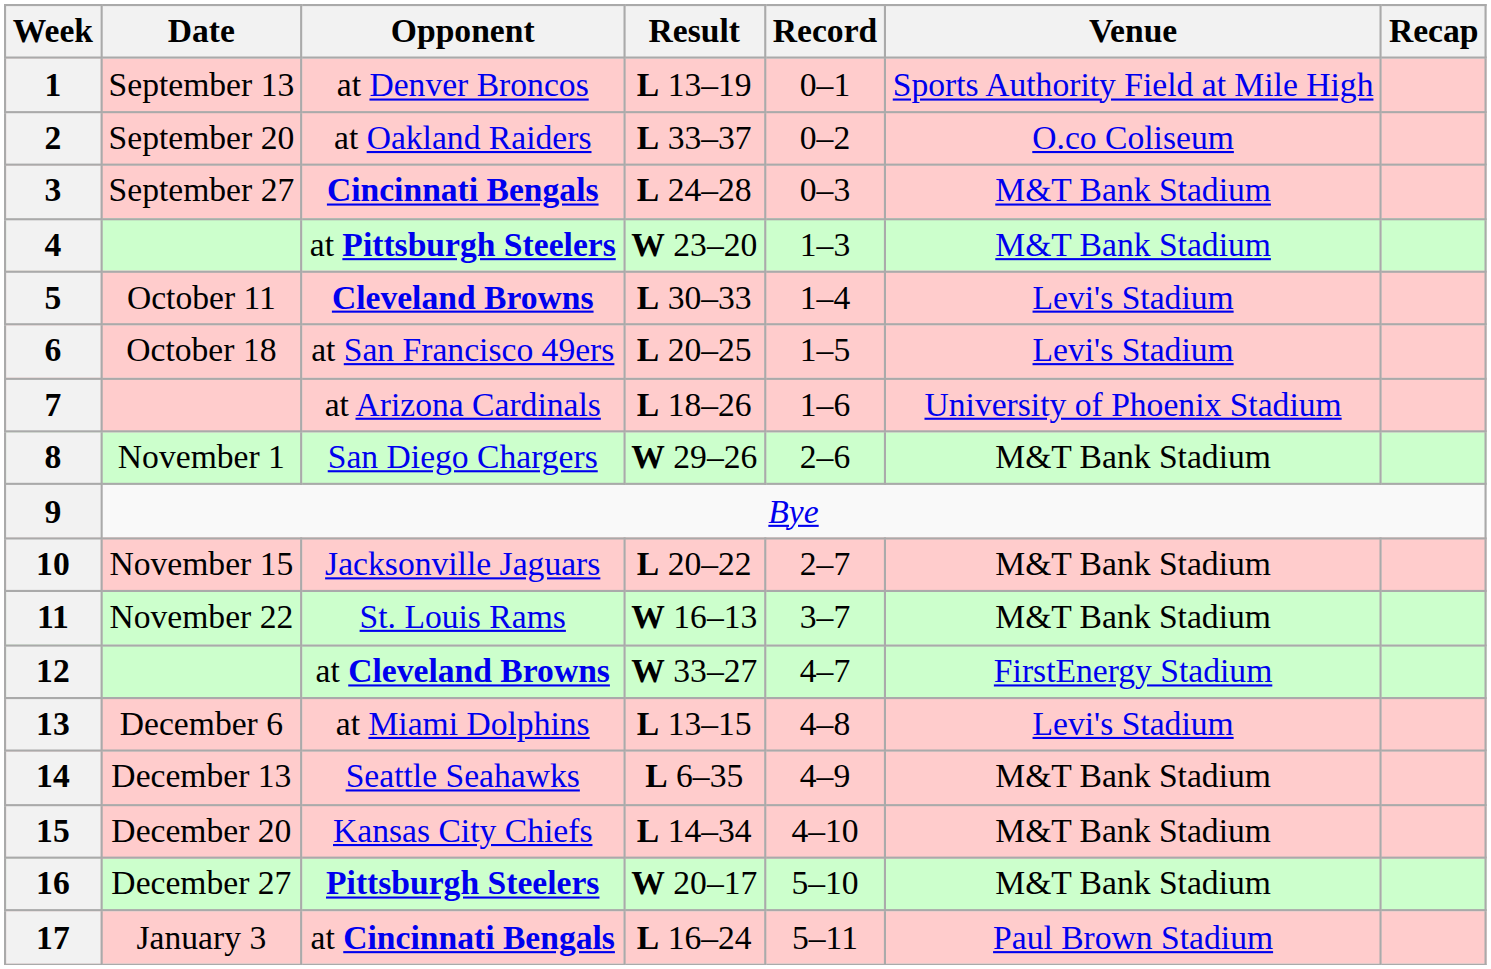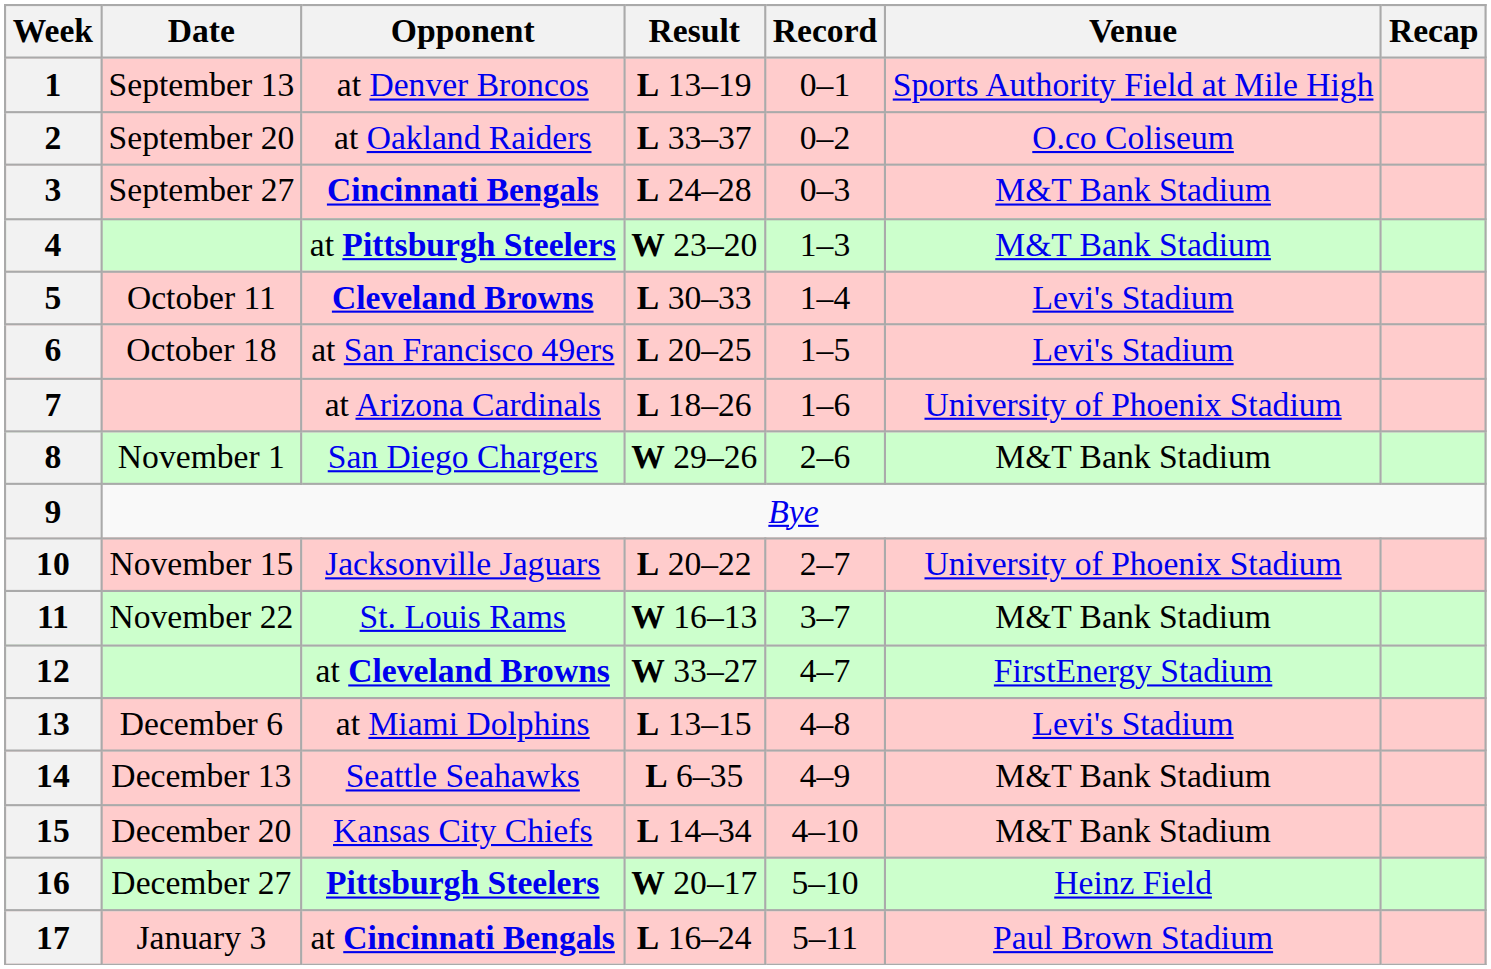 <table class="wikitable" style="text-align:center">
 <tr>
 <th>Week</th>
 <th>Date</th>
 <th>Opponent</th>
 <th>Result</th>
 <th>Record</th>
 <th>Venue</th>
 <th>Recap</th>
 </tr>
 <tr style="background:#fcc">
 <th>1</th>
 <td>September 13</td>
 <td>at <a href='#'>Denver Broncos</a></td>
 <td><strong>L</strong> 13–19</td>
 <td>0–1</td>
 <td><a href='#'>Sports Authority Field at Mile High</a></td>
 <td></td>
 </tr>
 <tr style="background:#fcc">
 <th>2</th>
 <td>September 20</td>
 <td>at <a href='#'>Oakland Raiders</a></td>
 <td><strong>L</strong> 33–37</td>
 <td>0–2</td>
 <td><a href='#'>O.co Coliseum</a></td>
 <td></td>
 </tr>
 <tr style="background:#fcc">
 <th>3</th>
 <td>September 27</td>
 <td><strong><a href='#'>Cincinnati Bengals</a></strong></td>
 <td><strong>L</strong> 24–28</td>
 <td>0–3</td>
 <td><a href='#'>M&T Bank Stadium</a></td>
 <td></td>
 </tr>
 <tr style="background:#cfc">
 <th>4</th>
 <td></td>
 <td>at <strong><a href='#'>Pittsburgh Steelers</a></strong></td>
 <td><strong>W</strong> 23–20 </td>
 <td>1–3</td>
 <td><a href='#'>M&T Bank Stadium</a></td>
 <td></td>
 </tr>
 <tr style="background:#fcc">
 <th>5</th>
 <td>October 11</td>
 <td><strong><a href='#'>Cleveland Browns</a></strong></td>
 <td><strong>L</strong> 30–33 </td>
 <td>1–4</td>
 <td><a href='#'>Levi's Stadium</a></td>
 <td></td>
 </tr>
 <tr style="background:#fcc">
 <th>6</th>
 <td>October 18</td>
 <td>at <a href='#'>San Francisco 49ers</a></td>
 <td><strong>L</strong> 20–25</td>
 <td>1–5</td>
 <td><a href='#'>Levi's Stadium</a></td>
 <td></td>
 </tr>
 <tr style="background:#fcc">
 <th>7</th>
 <td></td>
 <td>at <a href='#'>Arizona Cardinals</a></td>
 <td><strong>L</strong> 18–26</td>
 <td>1–6</td>
 <td><a href='#'>University of Phoenix Stadium</a></td>
 <td></td>
 </tr>
 <tr style="background:#cfc">
 <th>8</th>
 <td>November 1</td>
 <td><a href='#'>San Diego Chargers</a></td>
 <td><strong>W</strong> 29–26</td>
 <td>2–6</td>
 <td>M&T Bank Stadium</td>
 <td></td>
 </tr>
 <tr>
 <th>9</th>
 <td colspan=8><em><a href='#'>Bye</a></em></td>
 </tr>
 <tr style="background:#fcc">
 <th>10</th>
 <td>November 15</td>
 <td><a href='#'>Jacksonville Jaguars</a></td>
 <td><strong>L</strong> 20–22</td>
 <td>2–7</td>
-<td>M&T Bank Stadium</td>
+<td><a href='#'>University of Phoenix Stadium</a></td>
 <td></td>
 </tr>
 <tr style="background:#cfc">
 <th>11</th>
 <td>November 22</td>
 <td><a href='#'>St. Louis Rams</a></td>
 <td><strong>W</strong> 16–13</td>
 <td>3–7</td>
 <td>M&T Bank Stadium</td>
 <td></td>
 </tr>
 <tr style="background:#cfc">
 <th>12</th>
 <td></td>
 <td>at <strong><a href='#'>Cleveland Browns</a></strong></td>
 <td><strong>W</strong> 33–27</td>
 <td>4–7</td>
 <td><a href='#'>FirstEnergy Stadium</a></td>
 <td></td>
 </tr>
 <tr style="background:#fcc">
 <th>13</th>
 <td>December 6</td>
 <td>at <a href='#'>Miami Dolphins</a></td>
 <td><strong>L</strong> 13–15</td>
 <td>4–8</td>
 <td><a href='#'>Levi's Stadium</a></td>
 <td></td>
 </tr>
 <tr style="background:#fcc">
 <th>14</th>
 <td>December 13</td>
 <td><a href='#'>Seattle Seahawks</a></td>
 <td><strong>L</strong> 6–35</td>
 <td>4–9</td>
 <td>M&T Bank Stadium</td>
 <td></td>
 </tr>
 <tr style="background:#fcc">
 <th>15</th>
 <td>December 20</td>
 <td><a href='#'>Kansas City Chiefs</a></td>
 <td><strong>L</strong> 14–34</td>
 <td>4–10</td>
 <td>M&T Bank Stadium</td>
 <td></td>
 </tr>
 <tr style="background:#cfc">
 <th>16</th>
 <td>December 27</td>
 <td><strong><a href='#'>Pittsburgh Steelers</a></strong></td>
 <td><strong>W</strong> 20–17</td>
 <td>5–10</td>
-<td>M&T Bank Stadium</td>
+<td><a href='#'>Heinz Field</a></td>
 <td></td>
 </tr>
 <tr style="background:#fcc">
 <th>17</th>
 <td>January 3</td>
 <td>at <strong><a href='#'>Cincinnati Bengals</a></strong></td>
 <td><strong>L</strong> 16–24</td>
 <td>5–11</td>
 <td><a href='#'>Paul Brown Stadium</a></td>
 <td></td>
 </tr>
 </table>
